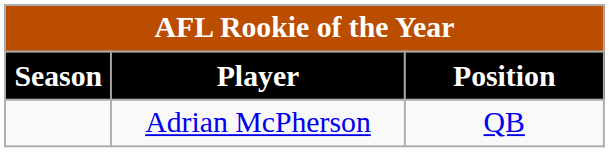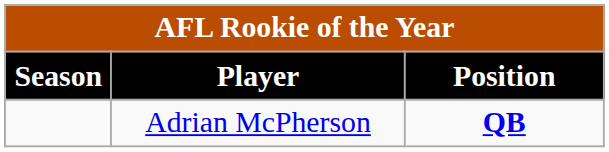 <table class="wikitable sortable" style="text-align:center">
 <tr>
 <td colspan="4" style="background:#BA4D00; color:white;"><strong>AFL Rookie of the Year</strong></td>
 </tr>
 <tr>
 <th style="width:50px; background:black; color:white;">Season</th>
 <th style="width:150px; background:black; color:white;">Player</th>
 <th style="width:100px; background:black; color:white;">Position</th>
 </tr>
 <tr>
 <td></td>
 <td><a href='#'>Adrian McPherson</a></td>
-<td><a href='#'>QB</a></td>
+<td><strong><a href='#'>QB</a></strong></td>
 </tr>
 </table>
